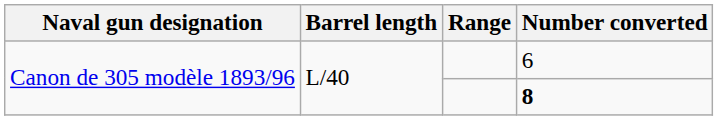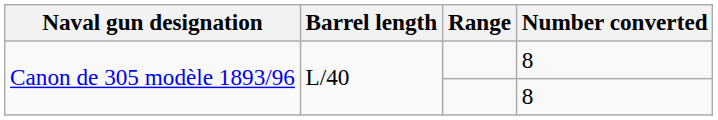 <table class="wikitable">
 <tr>
 <th>Naval gun designation</th>
 <th>Barrel length</th>
 <th>Range</th>
 <th>Number converted</th>
 </tr>
 <tr>
 <td rowspan="2"><a href='#'>Canon de 305 modèle 1893/96</a></td>
 <td rowspan="2"> L/40</td>
 <td></td>
-<td>6</td>
+<td>8</td>
 </tr>
 <tr>
 <td></td>
-<td><strong>8</strong></td>
+<td>8</td>
 </tr>
 </table>
